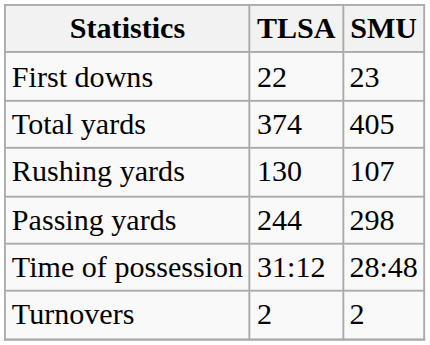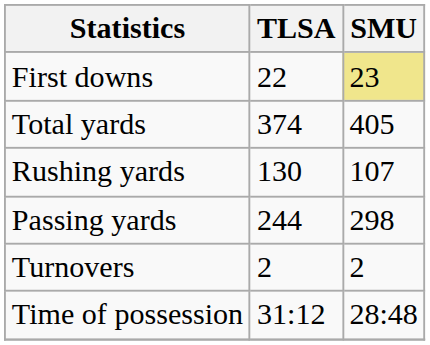 <table class="wikitable">
 <tr>
 <th>Statistics</th>
 <th>TLSA</th>
 <th>SMU</th>
 </tr>
 <tr>
 <td>First downs</td>
 <td>22</td>
-<td>23</td>
+<td style="background: khaki;">23</td>
 </tr>
 <tr>
 <td>Total yards</td>
 <td>374</td>
 <td>405</td>
 </tr>
 <tr>
 <td>Rushing yards</td>
 <td>130</td>
 <td>107</td>
 </tr>
 <tr>
 <td>Passing yards</td>
 <td>244</td>
 <td>298</td>
 </tr>
 <tr>
+<td>Turnovers</td>
+<td>2</td>
+<td>2</td>
+</tr>
+<tr>
 <td>Time of possession</td>
 <td>31:12</td>
 <td>28:48</td>
 </tr>
 <tr>
-<td>Turnovers</td>
-<td>2</td>
-<td>2</td>
-</tr>
-<tr>
 </tr>
 </table>
